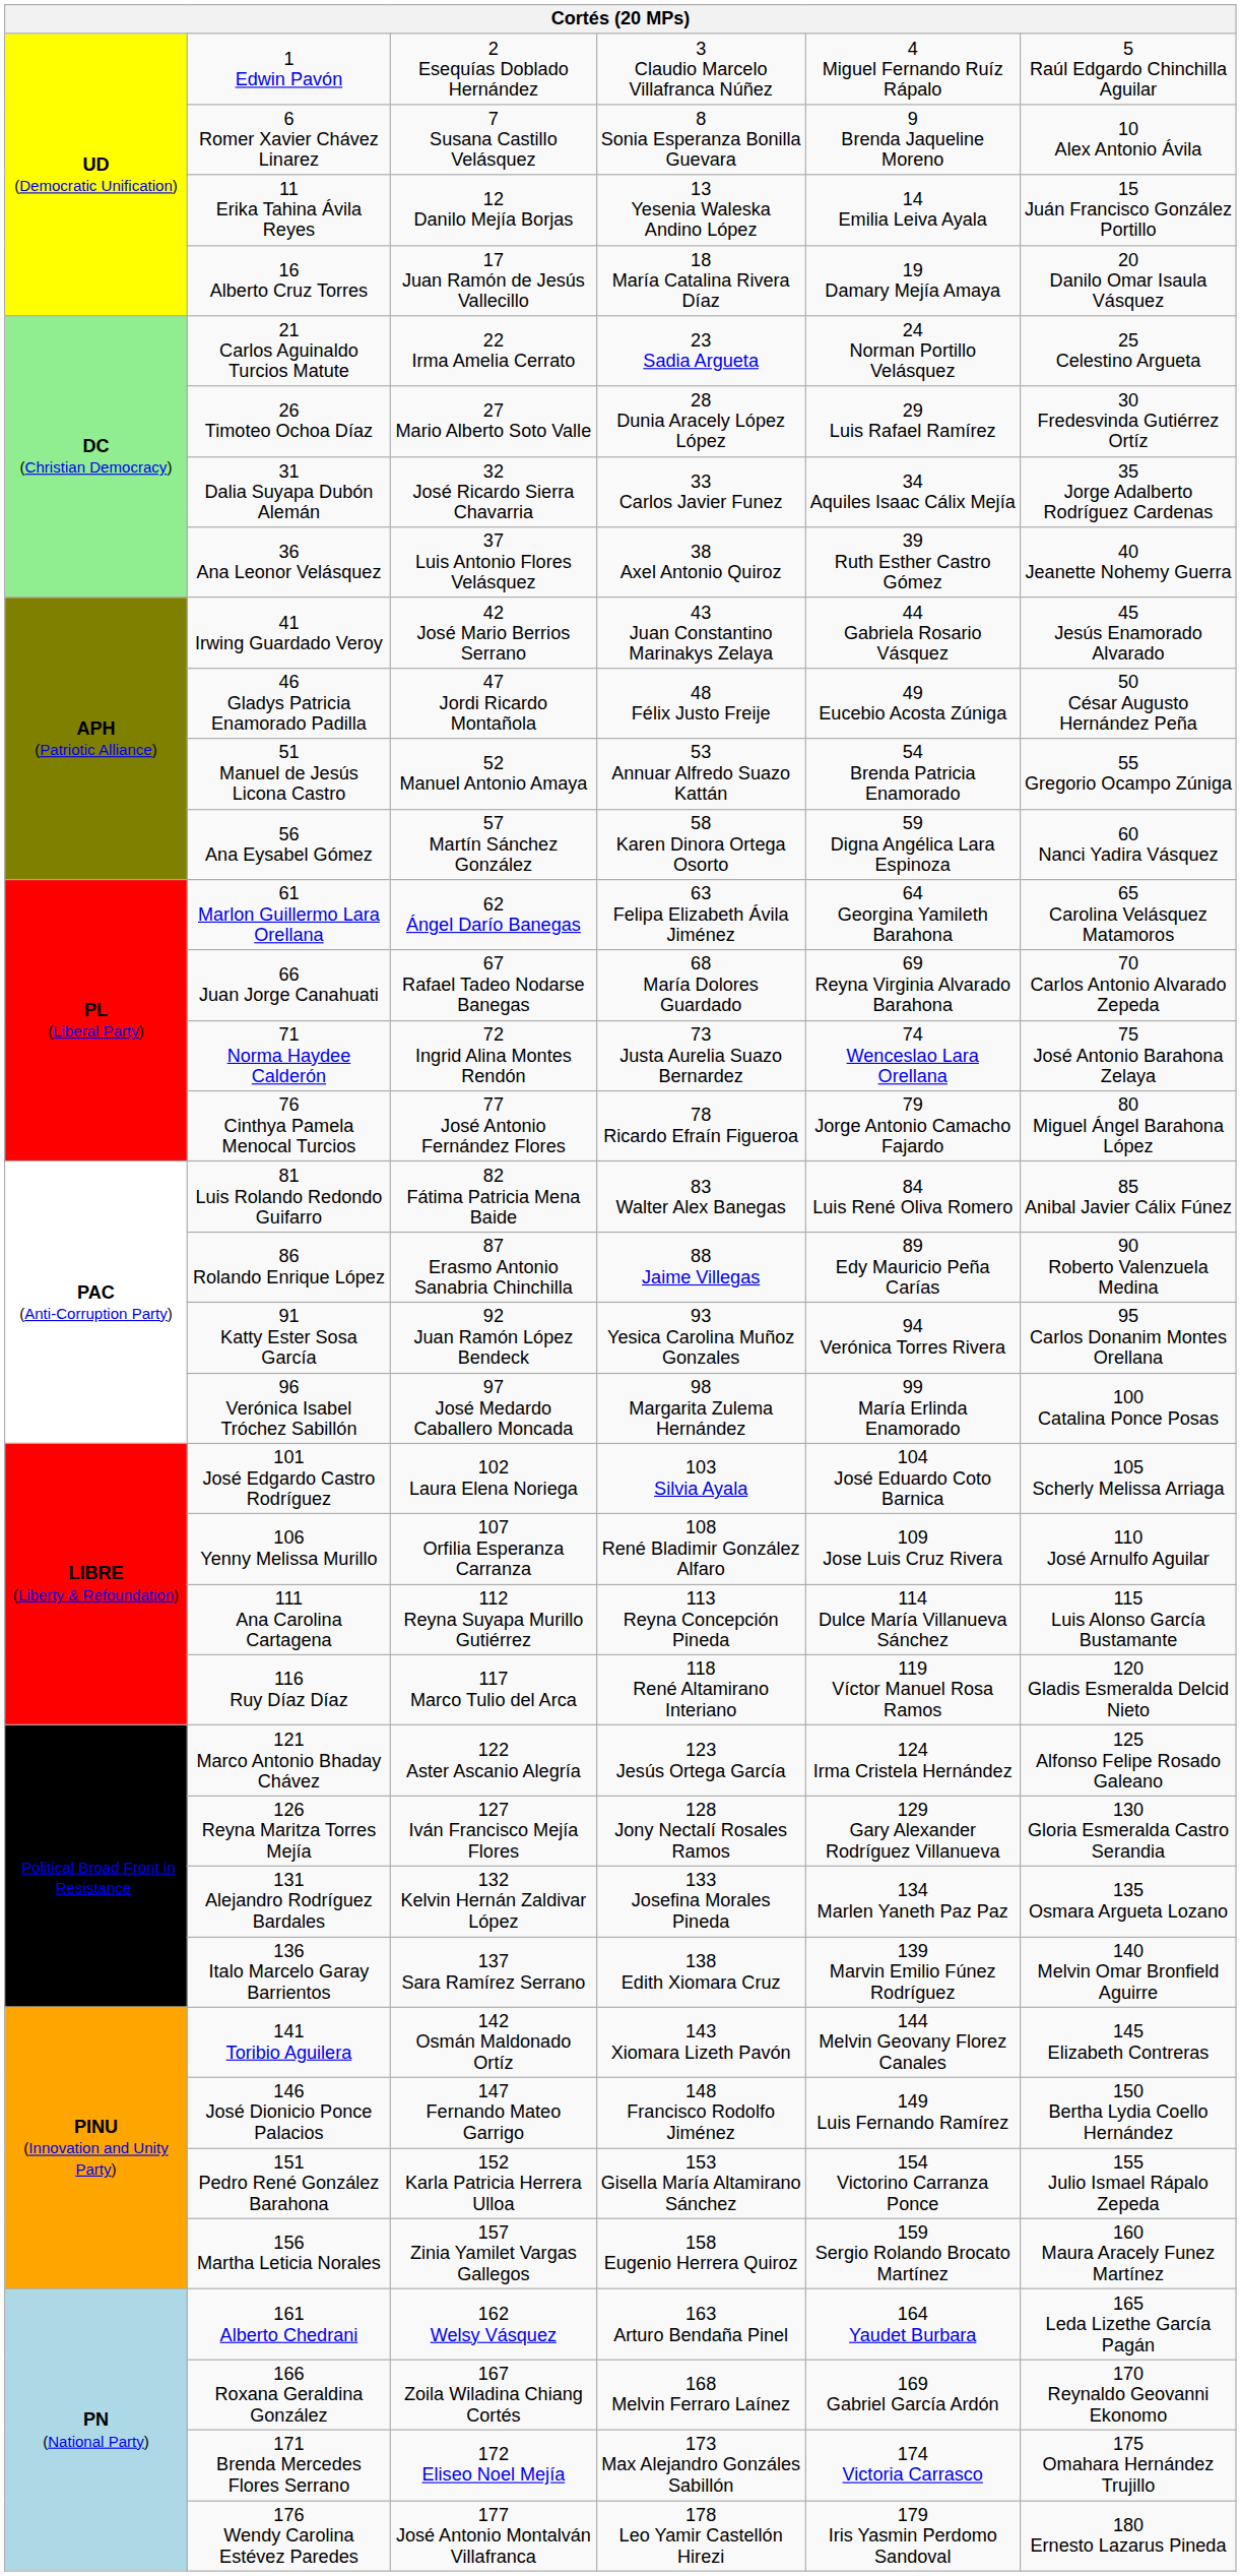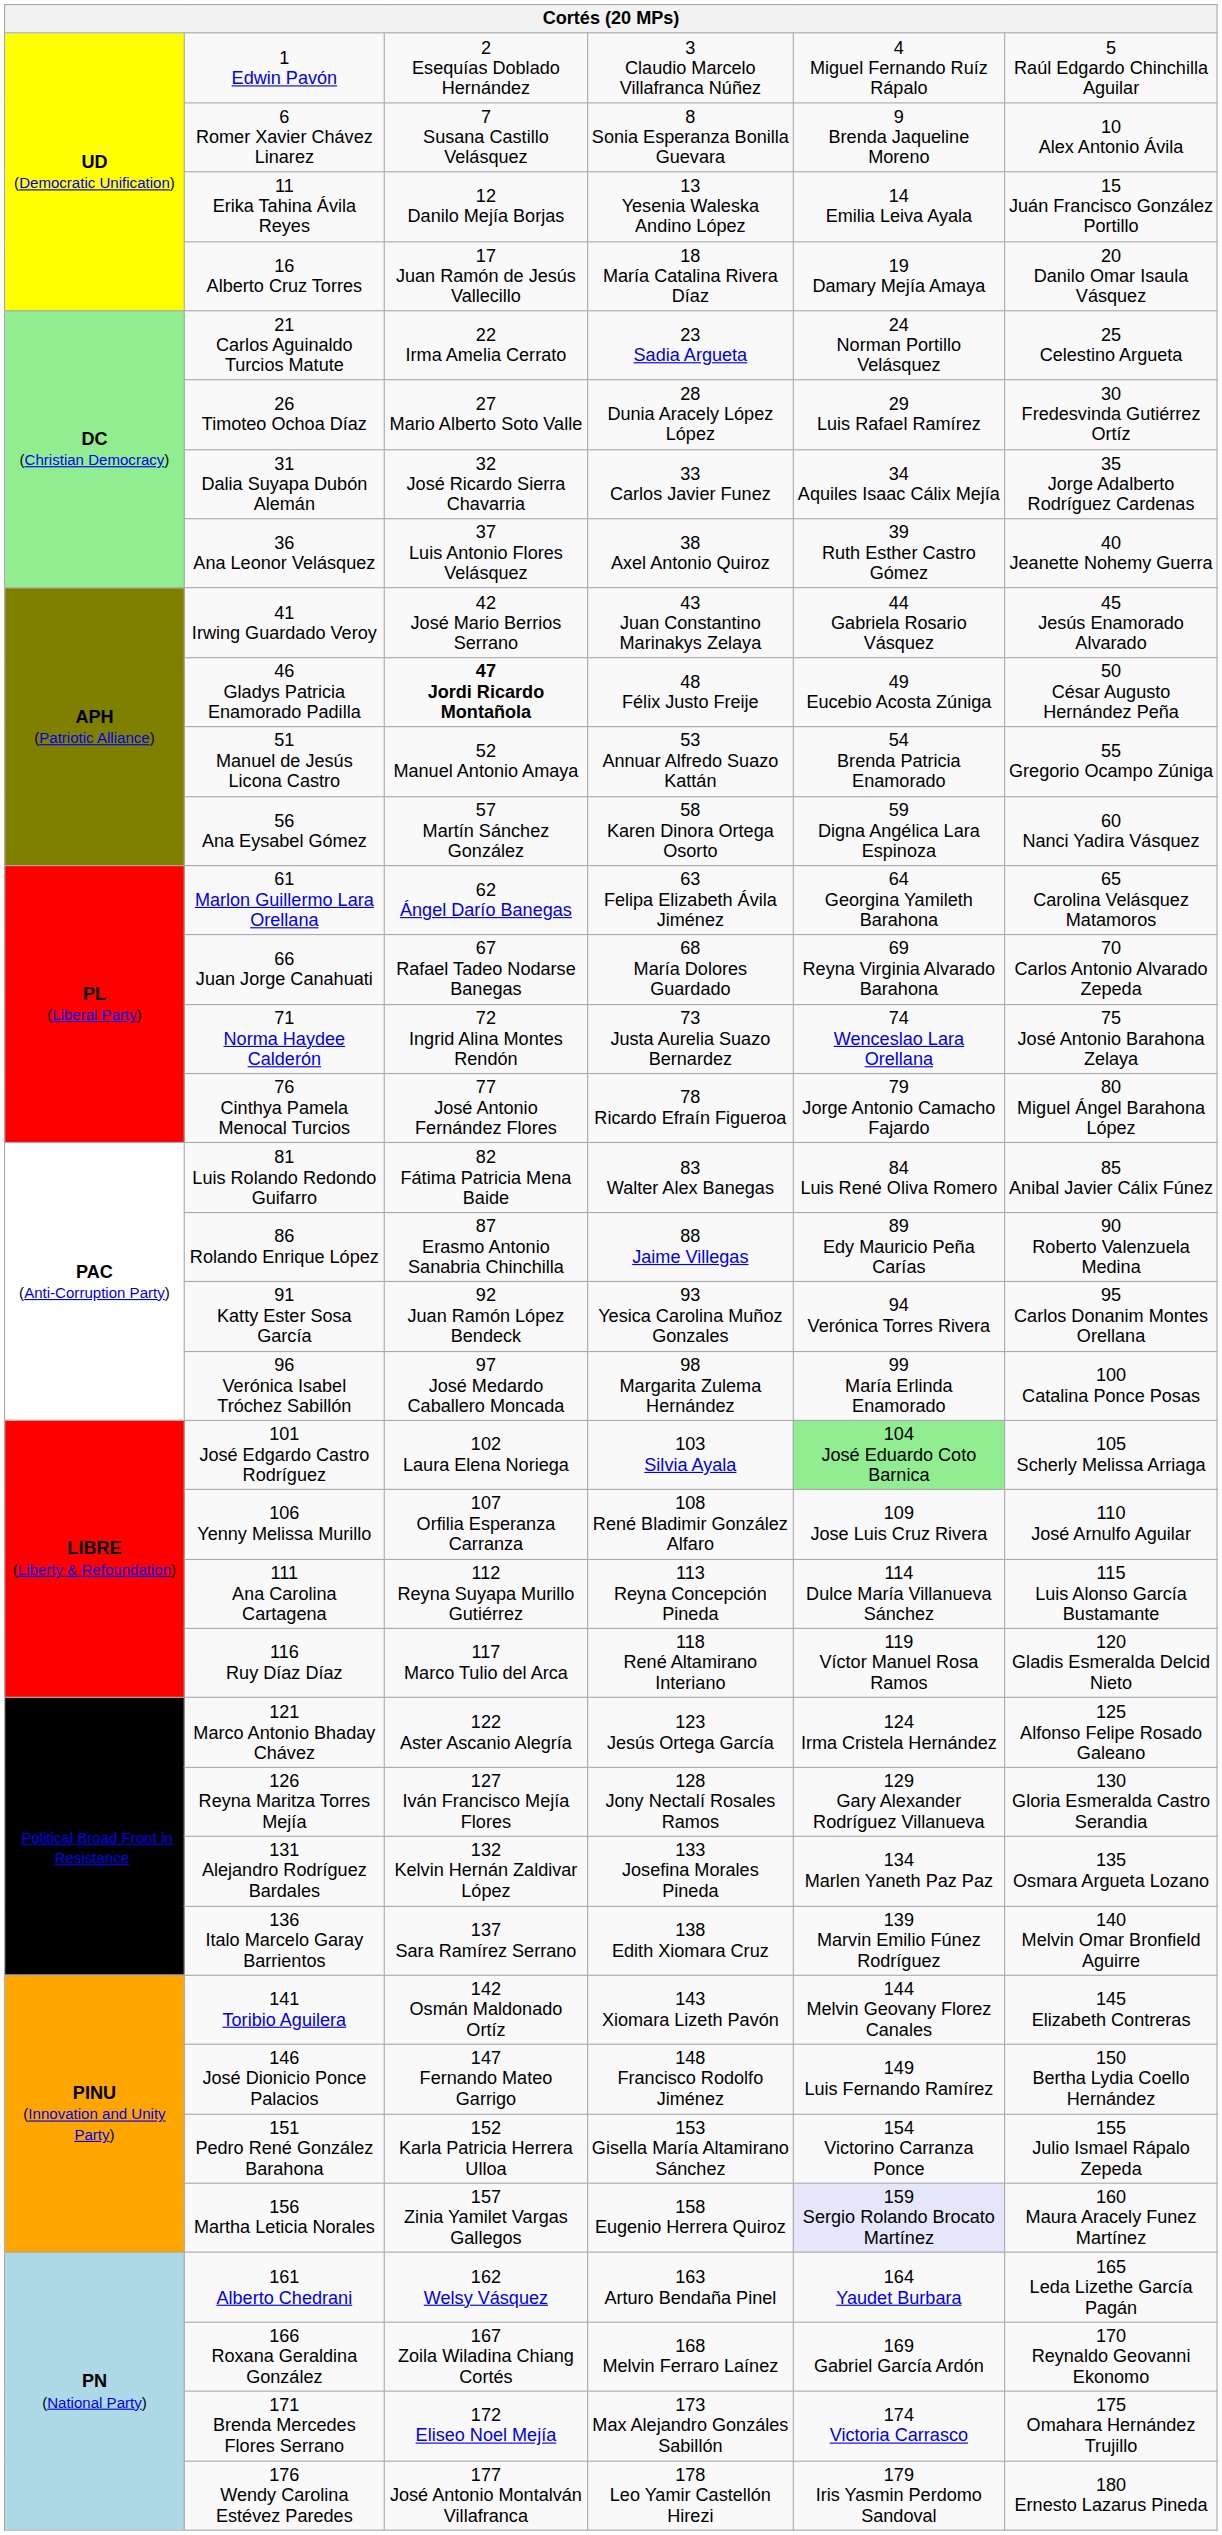 <table class="wikitable" align="center" style="width: 85%">
 <tr>
 <th colspan=24>Cortés (20 MPs)</th>
 </tr>
 <tr align="center">
 <td bgcolor="yellow" rowspan=4><span><span><strong>UD</strong></span></span><br><small>(<a href='#'>Democratic Unification</a>)</small></td>
 <td>1<br><a href='#'>Edwin Pavón</a></td>
 <td>2<br>Esequías Doblado Hernández</td>
 <td>3<br>Claudio Marcelo Villafranca Núñez</td>
 <td>4<br>Miguel Fernando Ruíz Rápalo</td>
 <td>5<br>Raúl Edgardo Chinchilla Aguilar</td>
 </tr>
 <tr align="center">
 <td>6<br>Romer Xavier Chávez Linarez</td>
 <td>7<br>Susana Castillo Velásquez</td>
 <td>8<br>Sonia Esperanza Bonilla Guevara</td>
 <td>9<br>Brenda Jaqueline Moreno</td>
 <td>10<br>Alex Antonio Ávila</td>
 </tr>
 <tr align="center">
 <td>11<br>Erika Tahina Ávila Reyes</td>
 <td>12<br>Danilo Mejía Borjas</td>
 <td>13<br>Yesenia Waleska Andino López</td>
 <td>14<br>Emilia Leiva Ayala</td>
 <td>15<br>Juán Francisco González Portillo</td>
 </tr>
 <tr align="center">
 <td>16<br>Alberto Cruz Torres</td>
 <td>17<br>Juan Ramón de Jesús Vallecillo</td>
 <td>18<br>María Catalina Rivera Díaz</td>
 <td>19<br>Damary Mejía Amaya</td>
 <td>20<br>Danilo Omar Isaula Vásquez</td>
 </tr>
 <tr align="center">
 <td bgcolor="lightgreen" rowspan=4><span><span><strong>DC</strong></span></span><br><small>(<a href='#'>Christian Democracy</a>)</small></td>
 <td>21<br>Carlos Aguinaldo Turcios Matute</td>
 <td>22<br>Irma Amelia Cerrato</td>
 <td>23<br><a href='#'>Sadia Argueta</a></td>
 <td>24<br>Norman Portillo Velásquez</td>
 <td>25<br>Celestino Argueta</td>
 </tr>
 <tr align="center">
 <td>26<br>Timoteo Ochoa Díaz</td>
 <td>27<br>Mario Alberto Soto Valle</td>
 <td>28<br>Dunia Aracely López López</td>
 <td>29<br>Luis Rafael Ramírez</td>
 <td>30<br>Fredesvinda Gutiérrez Ortíz</td>
 </tr>
 <tr align="center">
 <td>31<br>Dalia Suyapa Dubón Alemán</td>
 <td>32<br>José Ricardo Sierra Chavarria</td>
 <td>33<br>Carlos Javier Funez</td>
 <td>34<br>Aquiles Isaac Cálix Mejía</td>
 <td>35<br>Jorge Adalberto Rodríguez Cardenas</td>
 </tr>
 <tr align="center">
 <td>36<br>Ana Leonor Velásquez</td>
 <td>37<br>Luis Antonio Flores Velásquez</td>
 <td>38<br>Axel Antonio Quiroz</td>
 <td>39<br>Ruth Esther Castro Gómez</td>
 <td>40<br>Jeanette Nohemy Guerra</td>
 </tr>
 <tr align="center">
 <td bgcolor="olive" rowspan=4><span><span><strong>APH</strong></span></span><br><small>(<a href='#'>Patriotic Alliance</a>)</small></td>
 <td>41<br>Irwing Guardado Veroy</td>
 <td>42<br>José Mario Berrios Serrano</td>
 <td>43<br>Juan Constantino Marinakys Zelaya</td>
 <td>44<br>Gabriela Rosario Vásquez</td>
 <td>45<br>Jesús Enamorado Alvarado</td>
 </tr>
 <tr align="center">
 <td>46<br>Gladys Patricia Enamorado Padilla</td>
-<td>47<br>Jordi Ricardo Montañola</td>
+<td><strong>47<br>Jordi Ricardo Montañola</strong></td>
 <td>48<br>Félix Justo Freije</td>
 <td>49<br>Eucebio Acosta Zúniga</td>
 <td>50<br>César Augusto Hernández Peña</td>
 </tr>
 <tr align="center">
 <td>51<br>Manuel de Jesús Licona Castro</td>
 <td>52<br>Manuel Antonio Amaya</td>
 <td>53<br>Annuar Alfredo Suazo Kattán</td>
 <td>54<br>Brenda Patricia Enamorado</td>
 <td>55<br>Gregorio Ocampo Zúniga</td>
 </tr>
 <tr align="center">
 <td>56<br>Ana Eysabel Gómez</td>
 <td>57<br>Martín Sánchez González</td>
 <td>58<br>Karen Dinora Ortega Osorto</td>
 <td>59<br>Digna Angélica Lara Espinoza</td>
 <td>60<br>Nanci Yadira Vásquez</td>
 </tr>
 <tr align="center">
 <td bgcolor="red" rowspan=4><span><span><strong>PL</strong></span></span><br><small>(<a href='#'>Liberal Party</a>)</small></td>
 <td>61<br><a href='#'>Marlon Guillermo Lara Orellana</a></td>
 <td>62<br><a href='#'>Ángel Darío Banegas</a></td>
 <td>63<br>Felipa Elizabeth Ávila Jiménez</td>
 <td>64<br>Georgina Yamileth Barahona</td>
 <td>65<br>Carolina Velásquez Matamoros</td>
 </tr>
 <tr align="center">
 <td>66<br>Juan Jorge Canahuati</td>
 <td>67<br>Rafael Tadeo Nodarse Banegas</td>
 <td>68<br>María Dolores Guardado</td>
 <td>69<br>Reyna Virginia Alvarado Barahona</td>
 <td>70<br>Carlos Antonio Alvarado Zepeda</td>
 </tr>
 <tr align="center">
 <td>71<br><a href='#'>Norma Haydee Calderón</a></td>
 <td>72<br>Ingrid Alina Montes Rendón</td>
 <td>73<br>Justa Aurelia Suazo Bernardez</td>
 <td>74<br><a href='#'>Wenceslao Lara Orellana</a></td>
 <td>75<br>José Antonio Barahona Zelaya</td>
 </tr>
 <tr align="center">
 <td>76<br>Cinthya Pamela Menocal Turcios</td>
 <td>77<br>José Antonio Fernández Flores</td>
 <td>78<br>Ricardo Efraín Figueroa</td>
 <td>79<br>Jorge Antonio Camacho Fajardo</td>
 <td>80<br>Miguel Ángel Barahona López</td>
 </tr>
 <tr align="center">
 <td bgcolor="white" rowspan=4><span><span><strong>PAC</strong></span></span><br><small>(<a href='#'>Anti-Corruption Party</a>)</small></td>
 <td>81<br>Luis Rolando Redondo Guifarro</td>
 <td>82<br>Fátima Patricia Mena Baide</td>
 <td>83<br>Walter Alex Banegas</td>
 <td>84<br>Luis René Oliva Romero</td>
 <td>85<br>Anibal Javier Cálix Fúnez</td>
 </tr>
 <tr align="center">
 <td>86<br>Rolando Enrique López</td>
 <td>87<br>Erasmo Antonio Sanabria Chinchilla</td>
 <td>88<br><a href='#'>Jaime Villegas</a></td>
 <td>89<br>Edy Mauricio Peña Carías</td>
 <td>90<br>Roberto Valenzuela Medina</td>
 </tr>
 <tr align="center">
 <td>91<br>Katty Ester Sosa García</td>
 <td>92<br>Juan Ramón López Bendeck</td>
 <td>93<br>Yesica Carolina Muñoz Gonzales</td>
 <td>94<br>Verónica Torres Rivera</td>
 <td>95<br>Carlos Donanim Montes Orellana</td>
 </tr>
 <tr align="center">
 <td>96<br>Verónica Isabel Tróchez Sabillón</td>
 <td>97<br>José Medardo Caballero Moncada</td>
 <td>98<br>Margarita Zulema Hernández</td>
 <td>99<br>María Erlinda Enamorado</td>
 <td>100<br>Catalina Ponce Posas</td>
 </tr>
 <tr align="center">
 <td bgcolor="red" rowspan=4><span><span><strong>LIBRE</strong></span></span><br><small>(<a href='#'>Liberty & Refoundation</a>)</small></td>
 <td>101<br>José Edgardo Castro Rodríguez</td>
 <td>102<br>Laura Elena Noriega</td>
 <td>103<br><a href='#'>Silvia Ayala</a></td>
-<td>104<br>José Eduardo Coto Barnica</td>
+<td style="background: lightgreen;">104<br>José Eduardo Coto Barnica</td>
 <td>105<br>Scherly Melissa Arriaga</td>
 </tr>
 <tr align="center">
 <td>106<br>Yenny Melissa Murillo</td>
 <td>107<br>Orfilia Esperanza Carranza</td>
 <td>108<br>René Bladimir González Alfaro</td>
 <td>109<br>Jose Luis Cruz Rivera</td>
 <td>110<br>José Arnulfo Aguilar</td>
 </tr>
 <tr align="center">
 <td>111<br>Ana Carolina Cartagena</td>
 <td>112<br>Reyna Suyapa Murillo Gutiérrez</td>
 <td>113<br>Reyna Concepción Pineda</td>
 <td>114<br>Dulce María Villanueva Sánchez</td>
 <td>115<br>Luis Alonso García Bustamante</td>
 </tr>
 <tr align="center">
 <td>116<br>Ruy Díaz Díaz</td>
 <td>117<br>Marco Tulio del Arca</td>
 <td>118<br>René Altamirano Interiano</td>
 <td>119<br>Víctor Manuel Rosa Ramos</td>
 <td>120<br>Gladis Esmeralda Delcid Nieto</td>
 </tr>
 <tr align="center">
 <td bgcolor="black" rowspan=4><span><span><strong>FAPER</strong></span></span><br><small>(<a href='#'>Political Broad Front in Resistance</a>)</small></td>
 <td>121<br>Marco Antonio Bhaday Chávez</td>
 <td>122<br>Aster Ascanio Alegría</td>
 <td>123<br>Jesús Ortega García</td>
 <td>124<br>Irma Cristela Hernández</td>
 <td>125<br>Alfonso Felipe Rosado Galeano</td>
 </tr>
 <tr align="center">
 <td>126<br>Reyna Maritza Torres Mejía</td>
 <td>127<br>Iván Francisco Mejía Flores</td>
 <td>128<br>Jony Nectalí Rosales Ramos</td>
 <td>129<br>Gary Alexander Rodríguez Villanueva</td>
 <td>130<br>Gloria Esmeralda Castro Serandia</td>
 </tr>
 <tr align="center">
 <td>131<br>Alejandro Rodríguez Bardales</td>
 <td>132<br>Kelvin Hernán Zaldivar López</td>
 <td>133<br>Josefina Morales Pineda</td>
 <td>134<br>Marlen Yaneth Paz Paz</td>
 <td>135<br>Osmara Argueta Lozano</td>
 </tr>
 <tr align="center">
 <td>136<br>Italo Marcelo Garay Barrientos</td>
 <td>137<br>Sara Ramírez Serrano</td>
 <td>138<br>Edith Xiomara Cruz</td>
 <td>139<br>Marvin Emilio Fúnez Rodríguez</td>
 <td>140<br>Melvin Omar Bronfield Aguirre</td>
 </tr>
 <tr align="center">
 <td bgcolor="orange" rowspan=4><span><span><strong>PINU</strong></span></span><br><small>(<a href='#'>Innovation and Unity Party</a>)</small></td>
 <td>141<br><a href='#'>Toribio Aguilera</a></td>
 <td>142<br>Osmán Maldonado Ortíz</td>
 <td>143<br>Xiomara Lizeth Pavón</td>
 <td>144<br>Melvin Geovany Florez Canales</td>
 <td>145<br>Elizabeth Contreras</td>
 </tr>
 <tr align="center">
 <td>146<br>José Dionicio Ponce Palacios</td>
 <td>147<br>Fernando Mateo Garrigo</td>
 <td>148<br>Francisco Rodolfo Jiménez</td>
 <td>149<br>Luis Fernando Ramírez</td>
 <td>150<br>Bertha Lydia Coello Hernández</td>
 </tr>
 <tr align="center">
 <td>151<br>Pedro René González Barahona</td>
 <td>152<br>Karla Patricia Herrera Ulloa</td>
 <td>153<br>Gisella María Altamirano Sánchez</td>
 <td>154<br>Victorino Carranza Ponce</td>
 <td>155<br>Julio Ismael Rápalo Zepeda</td>
 </tr>
 <tr align="center">
 <td>156<br>Martha Leticia Norales</td>
 <td>157<br>Zinia Yamilet Vargas Gallegos</td>
 <td>158<br>Eugenio Herrera Quiroz</td>
-<td>159<br>Sergio Rolando Brocato Martínez</td>
+<td style="background: lavender;">159<br>Sergio Rolando Brocato Martínez</td>
 <td>160<br>Maura Aracely Funez Martínez</td>
 </tr>
 <tr align="center">
 <td bgcolor="lightblue" rowspan=4><span><span><strong>PN</strong></span></span><br><small>(<a href='#'>National Party</a>)</small></td>
 <td>161<br><a href='#'>Alberto Chedrani</a></td>
 <td>162<br><a href='#'>Welsy Vásquez</a></td>
 <td>163<br>Arturo Bendaña Pinel</td>
 <td>164<br><a href='#'>Yaudet Burbara</a></td>
 <td>165<br>Leda Lizethe García Pagán</td>
 </tr>
 <tr align="center">
 <td>166<br>Roxana Geraldina González</td>
 <td>167<br>Zoila Wiladina Chiang Cortés</td>
 <td>168<br>Melvin Ferraro Laínez</td>
 <td>169<br>Gabriel García Ardón</td>
 <td>170<br>Reynaldo Geovanni Ekonomo</td>
 </tr>
 <tr align="center">
 <td>171<br>Brenda Mercedes Flores Serrano</td>
 <td>172<br><a href='#'>Eliseo Noel Mejía</a></td>
 <td>173<br>Max Alejandro Gonzáles Sabillón</td>
 <td>174<br><a href='#'>Victoria Carrasco</a></td>
 <td>175<br>Omahara Hernández Trujillo</td>
 </tr>
 <tr align="center">
 <td>176<br>Wendy Carolina Estévez Paredes</td>
 <td>177<br>José Antonio Montalván Villafranca</td>
 <td>178<br>Leo Yamir Castellón Hirezi</td>
 <td>179<br>Iris Yasmin Perdomo Sandoval</td>
 <td>180<br>Ernesto Lazarus Pineda</td>
 </tr>
 </table>
